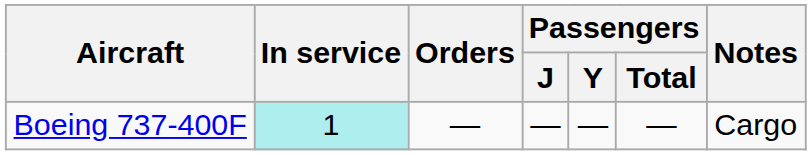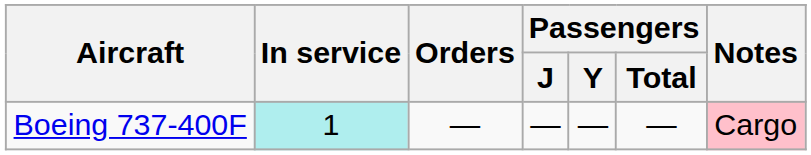 <table class="wikitable" style="margin:1em auto; border-collapse:collapse;text-align:center">
 <tr>
 <th rowspan="2">Aircraft</th>
 <th rowspan="2">In service</th>
 <th rowspan="2">Orders</th>
 <th colspan="3">Passengers</th>
 <th rowspan="2">Notes</th>
 </tr>
 <tr>
 <th><abbr>J</abbr></th>
 <th><abbr>Y</abbr></th>
 <th>Total</th>
 </tr>
 <tr>
 <td><a href='#'>Boeing 737-400F</a></td>
 <td style="background: paleturquoise;">1</td>
 <td>—</td>
 <td>—</td>
 <td>—</td>
 <td>—</td>
-<td>Cargo</td>
+<td style="background: pink;">Cargo</td>
 </tr>
 </table>
